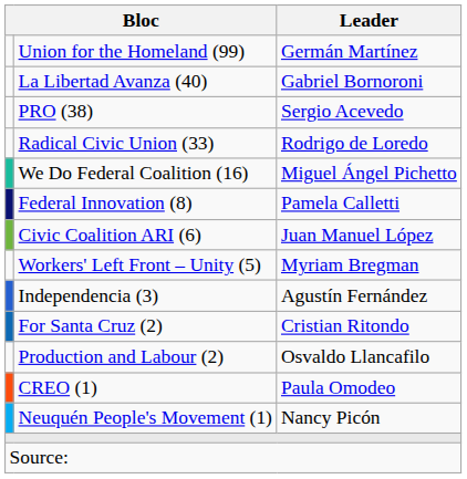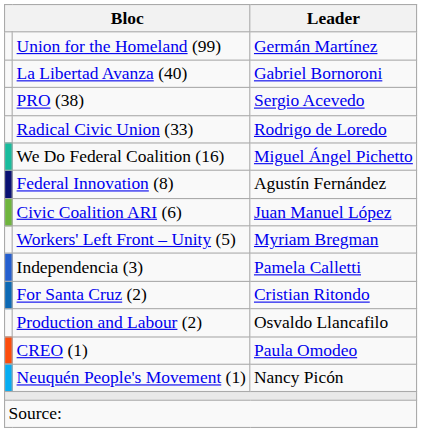 <table class="wikitable">
 <tr>
 <th colspan="2">Bloc</th>
 <th>Leader</th>
 </tr>
 <tr>
 <td></td>
 <td><a href='#'>Union for the Homeland</a> (99)</td>
 <td><a href='#'>Germán Martínez</a></td>
 </tr>
 <tr>
 <td></td>
 <td><a href='#'>La Libertad Avanza</a> (40)</td>
 <td><a href='#'>Gabriel Bornoroni</a></td>
 </tr>
 <tr>
 <td></td>
 <td><a href='#'>PRO</a> (38)</td>
 <td><a href='#'>Sergio Acevedo</a></td>
 </tr>
 <tr>
 <td></td>
 <td><a href='#'>Radical Civic Union</a> (33)</td>
 <td><a href='#'>Rodrigo de Loredo</a></td>
 </tr>
 <tr>
 <td bgcolor="#19bc9d"></td>
 <td>We Do Federal Coalition (16)</td>
 <td><a href='#'>Miguel Ángel Pichetto</a></td>
 </tr>
 <tr>
 <td bgcolor="#0a1172"></td>
 <td><a href='#'>Federal Innovation</a> (8)</td>
-<td><a href='#'>Pamela Calletti</a></td>
+<td>Agustín Fernández</td>
 </tr>
 <tr>
 <td bgcolor="#6fb53e"></td>
 <td><a href='#'>Civic Coalition ARI</a> (6)</td>
 <td><a href='#'>Juan Manuel López</a></td>
 </tr>
 <tr>
 <td></td>
 <td><a href='#'>Workers' Left Front – Unity</a> (5)</td>
 <td><a href='#'>Myriam Bregman</a></td>
 </tr>
 <tr>
 <td bgcolor="#255fcf"></td>
 <td>Independencia (3)</td>
-<td>Agustín Fernández</td>
+<td><a href='#'>Pamela Calletti</a></td>
 </tr>
 <tr>
 <td bgcolor="#0d69b4"></td>
 <td><a href='#'>For Santa Cruz</a> (2)</td>
 <td><a href='#'>Cristian Ritondo</a></td>
 </tr>
 <tr>
 <td></td>
 <td><a href='#'>Production and Labour</a> (2)</td>
 <td>Osvaldo Llancafilo</td>
 </tr>
 <tr>
 <td bgcolor="#fc4c0c"></td>
 <td><a href='#'>CREO</a> (1)</td>
 <td><a href='#'>Paula Omodeo</a></td>
 </tr>
 <tr>
 <td bgcolor="#06ADF2"></td>
 <td><a href='#'>Neuquén People's Movement</a> (1)</td>
 <td>Nancy Picón</td>
 </tr>
 <tr>
 <td colspan="4" bgcolor="#E9E9E9"></td>
 </tr>
 <tr>
 <td colspan="4">Source:  </td>
 </tr>
 </table>
